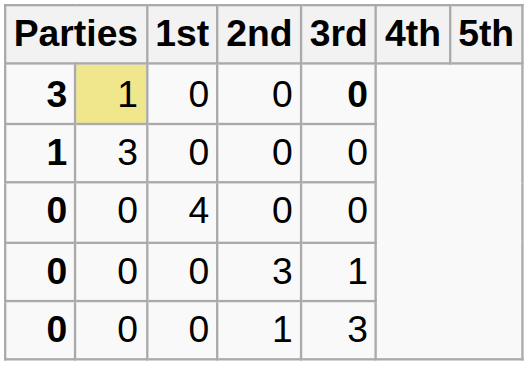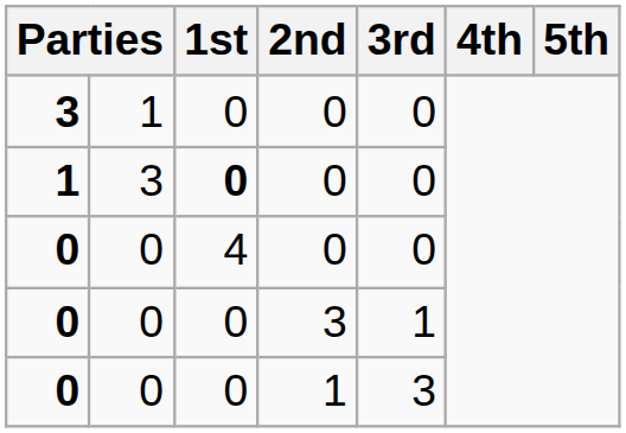 <table class="wikitable" style="text-align:right;">
 <tr>
 <th colspan=2 style="text-align:left;">Parties</th>
 <th>1st</th>
 <th>2nd</th>
 <th>3rd</th>
 <th>4th</th>
 <th>5th</th>
 </tr>
 <tr>
 <td><strong>3</strong></td>
-<td style="background: khaki;">1</td>
+<td>1</td>
 <td>0</td>
 <td>0</td>
-<td><strong>0</strong></td>
+<td>0</td>
 </tr>
 <tr>
 <td><strong>1</strong></td>
 <td>3</td>
-<td>0</td>
+<td><strong>0</strong></td>
 <td>0</td>
 <td>0</td>
 </tr>
 <tr>
 <td><strong>0</strong></td>
 <td>0</td>
 <td>4</td>
 <td>0</td>
 <td>0</td>
 </tr>
 <tr>
 <td><strong>0</strong></td>
 <td>0</td>
 <td>0</td>
 <td>3</td>
 <td>1</td>
 </tr>
 <tr>
 <td><strong>0</strong></td>
 <td>0</td>
 <td>0</td>
 <td>1</td>
 <td>3</td>
 </tr>
 </table>
